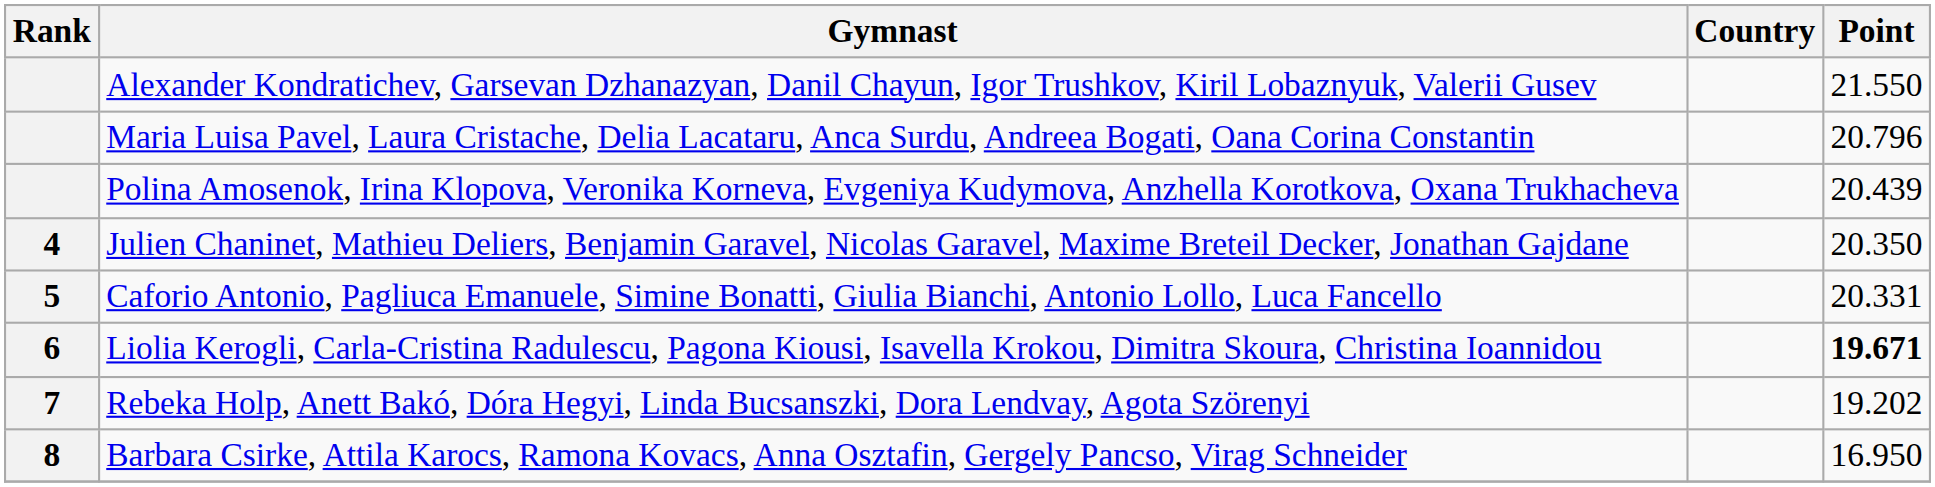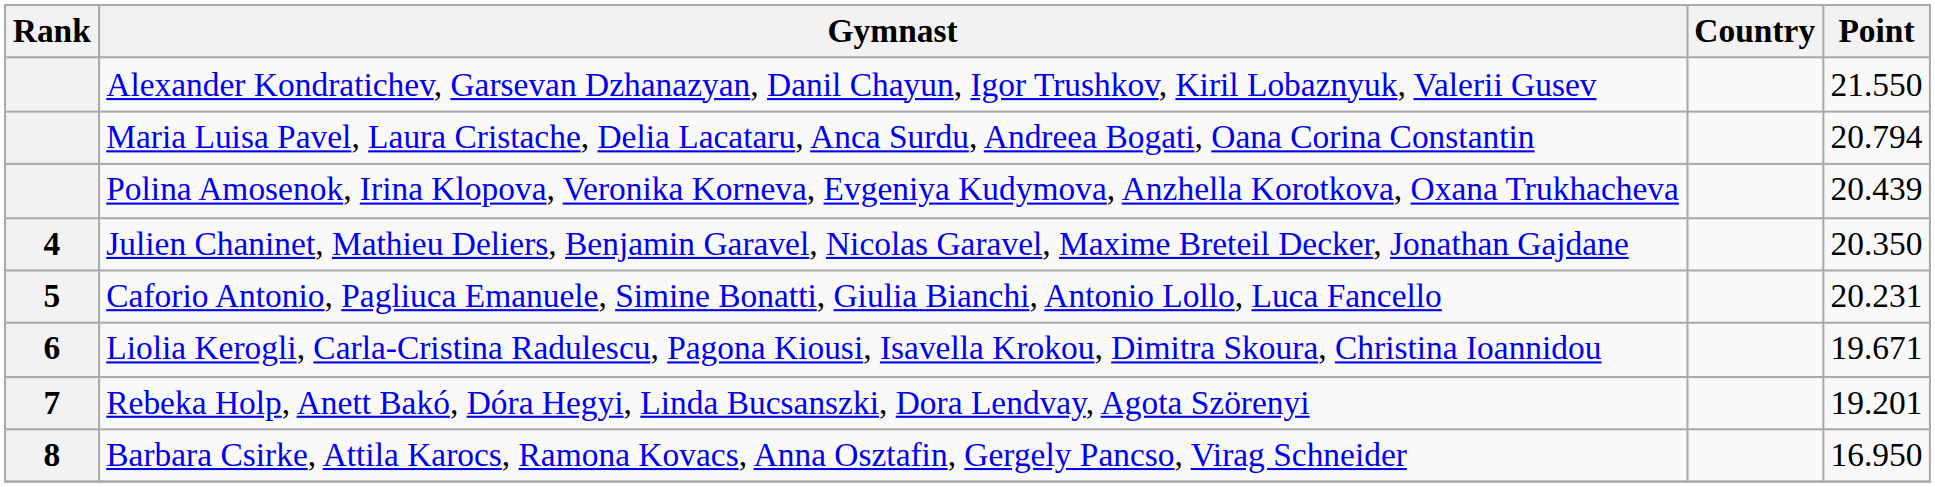 <table class="wikitable sortable">
 <tr>
 <th>Rank</th>
 <th>Gymnast</th>
 <th>Country</th>
 <th>Point</th>
 </tr>
 <tr>
 <th></th>
 <td><a href='#'>Alexander Kondratichev</a>, <a href='#'>Garsevan Dzhanazyan</a>, <a href='#'>Danil Chayun</a>, <a href='#'>Igor Trushkov</a>,  <a href='#'>Kiril Lobaznyuk</a>,  <a href='#'>Valerii Gusev</a></td>
 <td></td>
 <td>21.550</td>
 </tr>
 <tr>
 <th></th>
 <td><a href='#'>Maria Luisa Pavel</a>, <a href='#'>Laura Cristache</a>, <a href='#'>Delia Lacataru</a>, <a href='#'>Anca Surdu</a>,  <a href='#'>Andreea Bogati</a>,  <a href='#'>Oana Corina Constantin</a></td>
 <td></td>
-<td>20.796</td>
+<td>20.794</td>
 </tr>
 <tr>
 <th></th>
 <td><a href='#'>Polina Amosenok</a>, <a href='#'>Irina Klopova</a>, <a href='#'>Veronika Korneva</a>, <a href='#'>Evgeniya Kudymova</a>,  <a href='#'>Anzhella Korotkova</a>,  <a href='#'>Oxana Trukhacheva</a></td>
 <td></td>
 <td>20.439</td>
 </tr>
 <tr>
 <th>4</th>
 <td><a href='#'>Julien Chaninet</a>, <a href='#'>Mathieu Deliers</a>, <a href='#'>Benjamin Garavel</a>, <a href='#'>Nicolas Garavel</a>, <a href='#'>Maxime Breteil Decker</a>, <a href='#'>Jonathan Gajdane</a></td>
 <td></td>
 <td>20.350</td>
 </tr>
 <tr>
 <th>5</th>
 <td><a href='#'>Caforio Antonio</a>, <a href='#'>Pagliuca Emanuele</a>, <a href='#'>Simine Bonatti</a>, <a href='#'>Giulia Bianchi</a>, <a href='#'>Antonio Lollo</a>,  <a href='#'>Luca Fancello</a></td>
 <td></td>
-<td>20.331</td>
+<td>20.231</td>
 </tr>
 <tr>
 <th>6</th>
 <td><a href='#'>Liolia Kerogli</a>, <a href='#'>Carla-Cristina Radulescu</a>, <a href='#'>Pagona Kiousi</a>, <a href='#'>Isavella Krokou</a>, <a href='#'>Dimitra Skoura</a>, <a href='#'>Christina Ioannidou</a></td>
 <td></td>
-<td><strong>19.671</strong></td>
+<td>19.671</td>
 </tr>
 <tr>
 <th>7</th>
 <td><a href='#'>Rebeka Holp</a>, <a href='#'>Anett Bakó</a>, <a href='#'>Dóra Hegyi</a>, <a href='#'>Linda Bucsanszki</a>, <a href='#'>Dora Lendvay</a>, <a href='#'>Agota Szörenyi</a></td>
 <td></td>
-<td>19.202</td>
+<td>19.201</td>
 </tr>
 <tr>
 <th>8</th>
 <td><a href='#'>Barbara Csirke</a>, <a href='#'>Attila Karocs</a>, <a href='#'>Ramona Kovacs</a>, <a href='#'>Anna Osztafin</a>, <a href='#'>Gergely Pancso</a>, <a href='#'>Virag Schneider</a></td>
 <td></td>
 <td>16.950</td>
 </tr>
 <tr>
 </tr>
 </table>
